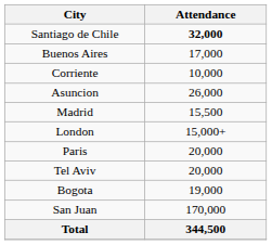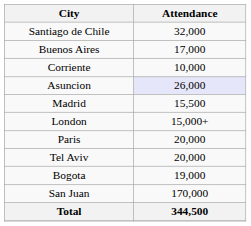 <table class="wikitable" style="text-align:center;">
 <tr>
 <th style="width:175px;">City</th>
 <th style="width:150px;">Attendance</th>
 </tr>
 <tr>
 <td>Santiago de Chile</td>
-<td><strong>32,000</strong></td>
+<td>32,000</td>
 </tr>
 <tr>
 <td>Buenos Aires</td>
 <td>17,000</td>
 </tr>
 <tr>
 <td>Corriente</td>
 <td>10,000</td>
 </tr>
 <tr>
 <td>Asuncion</td>
-<td>26,000</td>
+<td style="background: lavender;">26,000</td>
 </tr>
 <tr>
 <td>Madrid</td>
 <td>15,500</td>
 </tr>
 <tr>
 <td>London</td>
 <td>15,000+</td>
 </tr>
 <tr>
 <td>Paris</td>
 <td>20,000</td>
 </tr>
 <tr>
 <td>Tel Aviv</td>
 <td>20,000</td>
 </tr>
 <tr>
 <td>Bogota</td>
 <td>19,000</td>
 </tr>
 <tr>
 <td>San Juan</td>
 <td>170,000</td>
 </tr>
 <tr>
 <th>Total</th>
 <th>344,500</th>
 </tr>
 <tr>
 </tr>
 </table>
